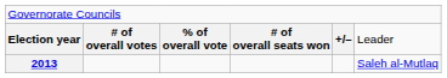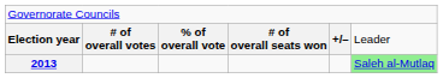 <table class=wikitable>
 <tr>
 <td colspan=6><a href='#'>Governorate Councils</a></td>
 </tr>
 <tr>
 <th>Election year</th>
 <th># of<br>overall votes</th>
 <th>% of<br>overall vote</th>
 <th># of<br>overall seats won</th>
 <th>+/–</th>
 <td>Leader</td>
 </tr>
 <tr>
 <th rowspan=2><a href='#'>2013</a></th>
 <td></td>
 <td></td>
 <td></td>
 <td></td>
-<td><a href='#'>Saleh al-Mutlaq</a></td>
+<td style="background: lightgreen;"><a href='#'>Saleh al-Mutlaq</a></td>
 </tr>
 </table>
